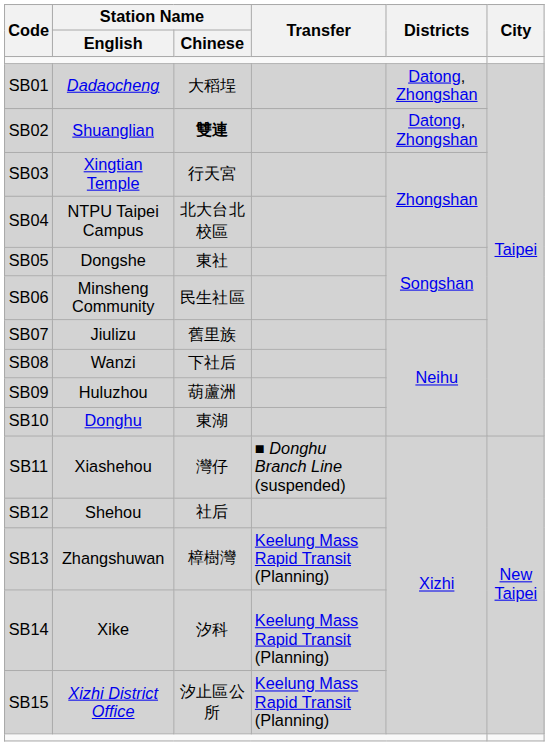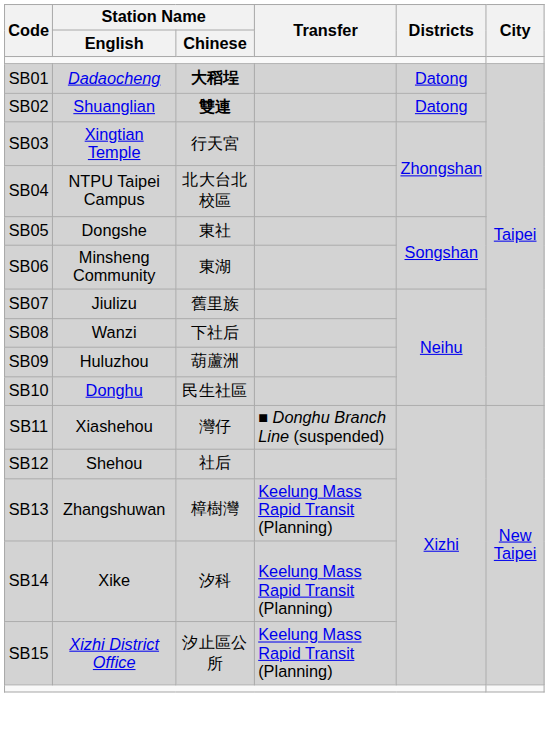 <table class=wikitable width=60%>
 <tr>
 <th rowspan=2>Code</th>
 <th colspan=2>Station Name</th>
 <th rowspan=2>Transfer</th>
 <th rowspan="2">Districts</th>
 <th rowspan="2">City</th>
 </tr>
 <tr align=center>
 <th>English</th>
 <th>Chinese</th>
 </tr>
 <tr align=center>
 <td colspan="5"></td>
 </tr>
 <tr align=center bgcolor = "lightgrey">
 <td><span>SB01</span></td>
 <td><em><a href='#'>Dadaocheng</a></em></td>
-<td><span>大稻埕</span></td>
+<td><strong><span>大稻埕</span></strong></td>
 <td align=left></td>
-<td><a href='#'>Datong</a>, <a href='#'>Zhongshan</a></td>
+<td><a href='#'>Datong</a></td>
 <td rowspan="10"><a href='#'>Taipei</a></td>
 </tr>
 <tr align=center bgcolor = "lightgrey">
 <td><span>SB02</span></td>
 <td><a href='#'>Shuanglian</a></td>
 <td><strong><span>雙連</span></strong></td>
 <td align=left> </td>
-<td><a href='#'>Datong</a>, <a href='#'>Zhongshan</a></td>
+<td><a href='#'>Datong</a></td>
 </tr>
 <tr align=center bgcolor = "lightgrey">
 <td><span>SB03</span></td>
 <td><a href='#'>Xingtian Temple</a></td>
 <td><span>行天宮</span></td>
 <td align=left> </td>
 <td rowspan="2"><a href='#'>Zhongshan</a></td>
 </tr>
 <tr align=center bgcolor = "lightgrey">
 <td><span>SB04</span></td>
 <td>NTPU Taipei Campus</td>
 <td><span>北大台北校區</span></td>
 <td align=left> </td>
 </tr>
 <tr align=center bgcolor = "lightgrey">
 <td><span>SB05</span></td>
 <td>Dongshe</td>
 <td><span>東社</span></td>
 <td align=left></td>
 <td rowspan="2"><a href='#'>Songshan</a></td>
 </tr>
 <tr align=center bgcolor = "lightgrey">
 <td><span>SB06</span></td>
 <td>Minsheng Community</td>
-<td><span>民生社區</span></td>
+<td><span>東湖</span></td>
 <td align=left></td>
 </tr>
 <tr align=center bgcolor = "lightgrey">
 <td><span>SB07</span></td>
 <td>Jiulizu</td>
 <td><span>舊里族</span></td>
 <td align=left> </td>
 <td rowspan="4"><a href='#'>Neihu</a></td>
 </tr>
 <tr align=center bgcolor = "lightgrey">
 <td><span>SB08</span></td>
 <td>Wanzi</td>
 <td><span>下社后</span></td>
 <td align=left></td>
 </tr>
 <tr align=center bgcolor = "lightgrey">
 <td><span>SB09</span></td>
 <td>Huluzhou</td>
 <td><span>葫蘆洲</span></td>
 <td align=left></td>
 </tr>
 <tr align=center bgcolor = "lightgrey">
 <td><span>SB10</span></td>
 <td><a href='#'>Donghu</a></td>
-<td><span>東湖</span></td>
+<td><span>民生社區</span></td>
 <td align=left> </td>
 </tr>
 <tr align=center bgcolor = "lightgrey">
 <td><span>SB11</span></td>
 <td>Xiashehou</td>
 <td><span>灣仔</span></td>
 <td align=left><span>■</span> <em>Donghu Branch Line</em> (suspended)</td>
 <td rowspan="5"><a href='#'>Xizhi</a></td>
 <td rowspan="5"><a href='#'>New Taipei</a></td>
 </tr>
 <tr align=center bgcolor = "lightgrey">
 <td><span>SB12</span></td>
 <td>Shehou</td>
 <td><span>社后</span></td>
 <td align=left></td>
 </tr>
 <tr align=center bgcolor = "lightgrey">
 <td><span>SB13</span></td>
 <td>Zhangshuwan</td>
 <td><span>樟樹灣</span></td>
 <td align=left><a href='#'>Keelung Mass Rapid Transit</a> (Planning)</td>
 </tr>
 <tr align=center bgcolor = "lightgrey">
 <td><span>SB14</span></td>
 <td>Xike</td>
 <td><span>汐科</span></td>
 <td align=left><br> <a href='#'>Keelung Mass Rapid Transit</a> (Planning)</td>
 </tr>
 <tr align=center bgcolor = "lightgrey">
 <td><span>SB15</span></td>
 <td><em><a href='#'>Xizhi District Office</a></em></td>
 <td><span>汐止區公所</span></td>
 <td align=left><a href='#'>Keelung Mass Rapid Transit</a> (Planning)</td>
 </tr>
 <tr align=center>
 <td colspan="5"></td>
 </tr>
 </table>
